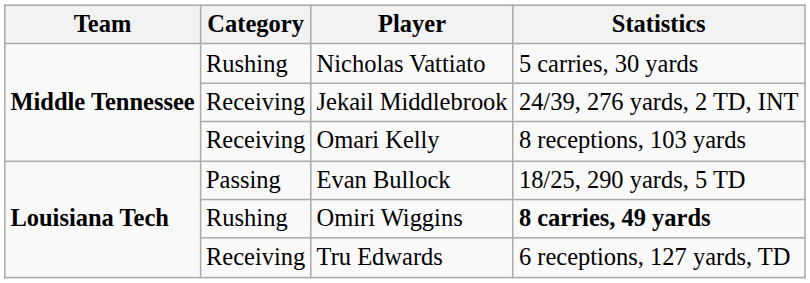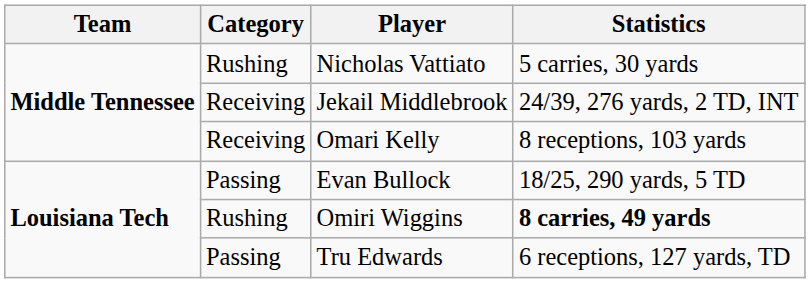 <table class="wikitable" style="float: left;">
 <tr>
 <th>Team</th>
 <th>Category</th>
 <th>Player</th>
 <th>Statistics</th>
 </tr>
 <tr>
 <td rowspan=3><strong>Middle Tennessee</strong></td>
 <td>Rushing</td>
 <td>Nicholas Vattiato</td>
 <td>5 carries, 30 yards</td>
 </tr>
 <tr>
 <td>Receiving</td>
 <td>Jekail Middlebrook</td>
 <td>24/39, 276 yards, 2 TD, INT</td>
 </tr>
 <tr>
 <td>Receiving</td>
 <td>Omari Kelly</td>
 <td>8 receptions, 103 yards</td>
 </tr>
 <tr>
 <td rowspan=3><strong>Louisiana Tech</strong></td>
 <td>Passing</td>
 <td>Evan Bullock</td>
 <td>18/25, 290 yards, 5 TD</td>
 </tr>
 <tr>
 <td>Rushing</td>
 <td>Omiri Wiggins</td>
 <td><strong>8 carries, 49 yards</strong></td>
 </tr>
 <tr>
-<td>Receiving</td>
+<td>Passing</td>
 <td>Tru Edwards</td>
 <td>6 receptions, 127 yards, TD</td>
 </tr>
 </table>
